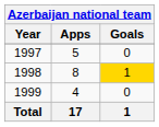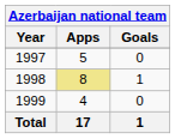 <table class="wikitable" style="text-align:center">
 <tr>
 <th colspan=3><a href='#'>Azerbaijan national team</a></th>
 </tr>
 <tr>
 <th>Year</th>
 <th>Apps</th>
 <th>Goals</th>
 </tr>
 <tr>
 </tr>
 <tr>
 <td>1997</td>
 <td>5</td>
 <td>0</td>
 </tr>
 <tr>
 <td>1998</td>
-<td>8</td>
-<td style="background: gold;">1</td>
+<td style="background: khaki;">8</td>
+<td>1</td>
 </tr>
 <tr>
 <td>1999</td>
 <td>4</td>
 <td>0</td>
 </tr>
 <tr>
 <th>Total</th>
 <th>17</th>
 <th>1</th>
 </tr>
 </table>
